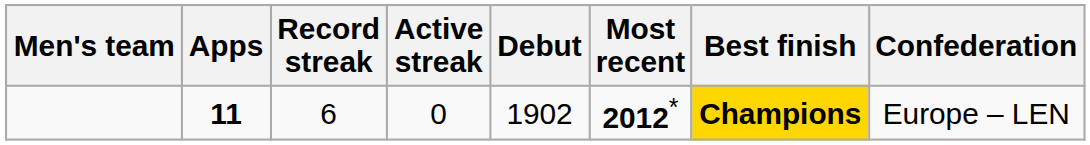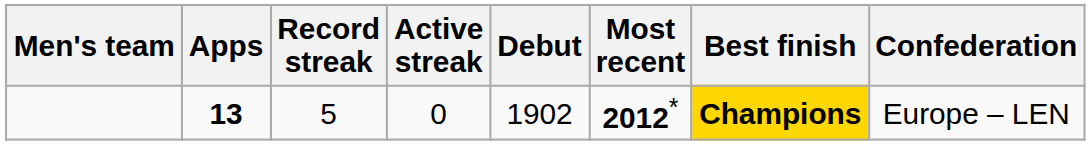 <table class="wikitable" style="text-align: center; font-size: 90%; margin-left: 1em;">
 <tr>
 <th>Men's team</th>
 <th>Apps</th>
 <th>Record<br>streak</th>
 <th>Active<br>streak</th>
 <th>Debut</th>
 <th>Most<br>recent</th>
 <th>Best finish</th>
 <th>Confederation</th>
 </tr>
 <tr>
 <td style="text-align: left;"></td>
-<td><strong>11</strong></td>
-<td>6</td>
+<td><strong>13</strong></td>
+<td>5</td>
 <td>0</td>
 <td>1902</td>
 <td><strong>2012</strong><sup>*</sup></td>
 <td style="background-color: gold;"><strong>Champions</strong></td>
 <td>Europe – LEN</td>
 </tr>
 </table>
